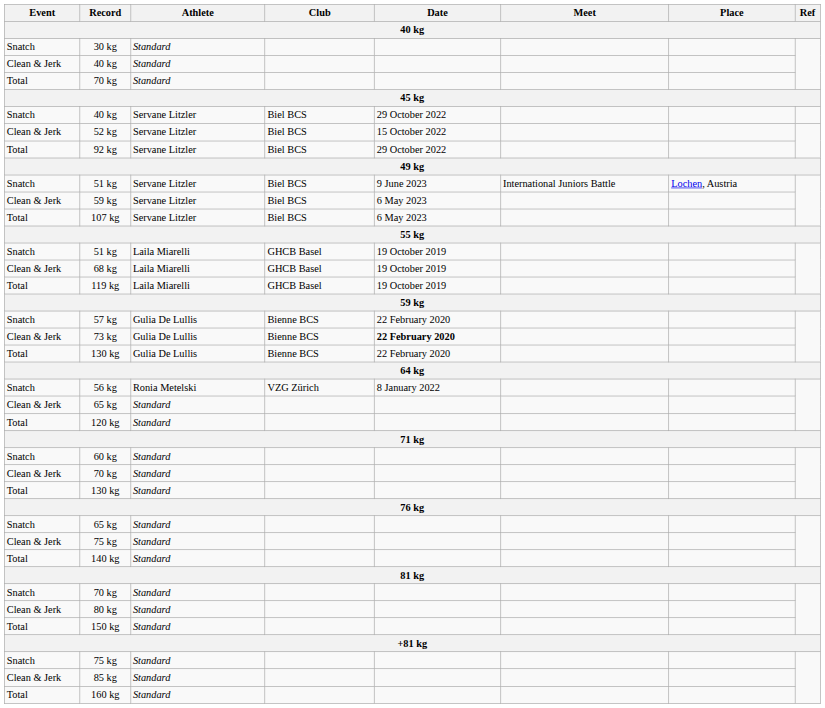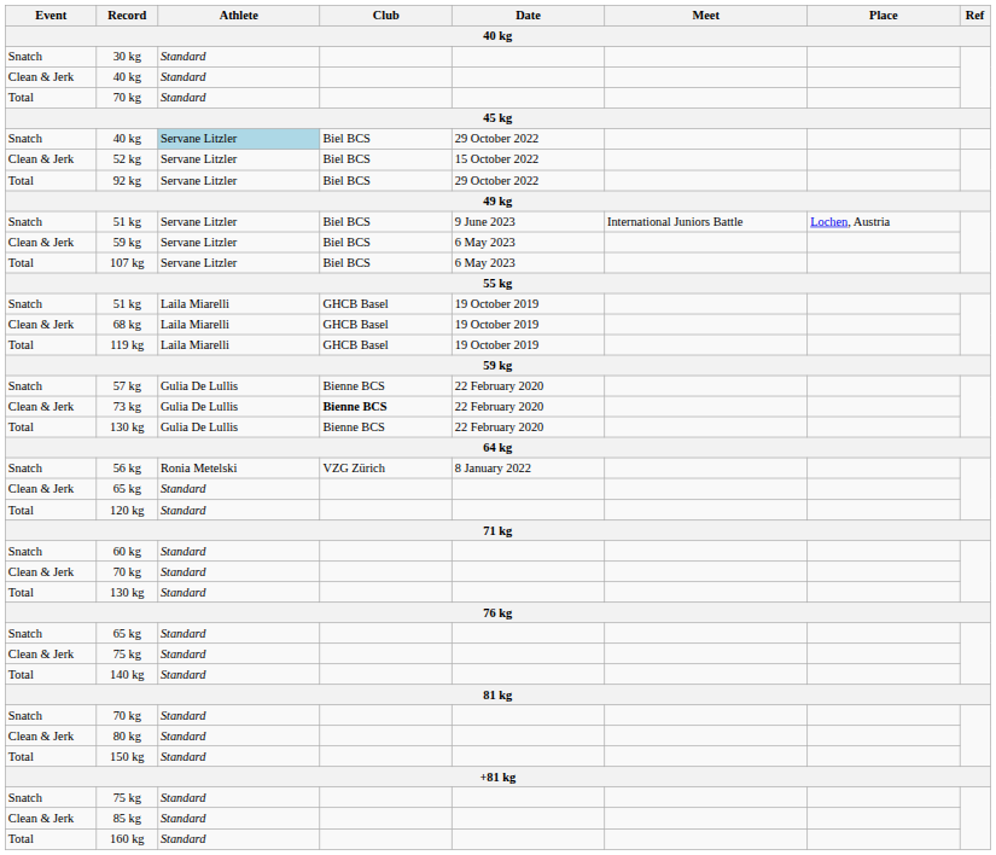 <table class="wikitable" style="font-size:95%; width: 95%;">
 <tr>
 <th width=9%>Event</th>
 <th width=6%>Record</th>
 <th width=16%>Athlete</th>
 <th width=13%>Club</th>
 <th width=15%>Date</th>
 <th width=20%>Meet</th>
 <th width=15%>Place</th>
 <th width=3%>Ref</th>
 </tr>
 <tr bgcolor="#DDDDDD">
 <th colspan="8">40 kg</th>
 </tr>
 <tr>
 <td>Snatch</td>
 <td align="center">30 kg</td>
 <td><em>Standard</em></td>
 <td></td>
 <td></td>
 <td></td>
 <td></td>
 </tr>
 <tr>
 <td>Clean & Jerk</td>
 <td align="center">40 kg</td>
 <td><em>Standard</em></td>
 <td></td>
 <td></td>
 <td></td>
 <td></td>
 </tr>
 <tr>
 <td>Total</td>
 <td align="center">70 kg</td>
 <td><em>Standard</em></td>
 <td></td>
 <td></td>
 <td></td>
 <td></td>
 </tr>
 <tr>
 <th colspan="8">45 kg</th>
 </tr>
 <tr>
 <td>Snatch</td>
 <td align="center">40 kg</td>
-<td>Servane Litzler</td>
+<td style="background: lightblue;">Servane Litzler</td>
 <td>Biel BCS</td>
 <td>29 October 2022</td>
 <td></td>
 <td></td>
 <td></td>
 </tr>
 <tr>
 <td>Clean & Jerk</td>
 <td align="center">52 kg</td>
 <td>Servane Litzler</td>
 <td>Biel BCS</td>
 <td>15 October 2022</td>
 <td></td>
 <td></td>
 </tr>
 <tr>
 <td>Total</td>
 <td align="center">92 kg</td>
 <td>Servane Litzler</td>
 <td>Biel BCS</td>
 <td>29 October 2022</td>
 <td></td>
 <td></td>
 </tr>
 <tr>
 <th colspan="8">49 kg</th>
 </tr>
 <tr>
 <td>Snatch</td>
 <td align="center">51 kg</td>
 <td>Servane Litzler</td>
 <td>Biel BCS</td>
 <td>9 June 2023</td>
 <td>International Juniors Battle</td>
 <td><a href='#'>Lochen</a>, Austria</td>
 </tr>
 <tr>
 <td>Clean & Jerk</td>
 <td align="center">59 kg</td>
 <td>Servane Litzler</td>
 <td>Biel BCS</td>
 <td>6 May 2023</td>
 <td></td>
 <td></td>
 </tr>
 <tr>
 <td>Total</td>
 <td align="center">107 kg</td>
 <td>Servane Litzler</td>
 <td>Biel BCS</td>
 <td>6 May 2023</td>
 <td></td>
 <td></td>
 </tr>
 <tr>
 <th colspan="8">55 kg</th>
 </tr>
 <tr>
 <td>Snatch</td>
 <td align="center">51 kg</td>
 <td>Laila Miarelli</td>
 <td>GHCB Basel</td>
 <td>19 October 2019</td>
 <td></td>
 <td></td>
 </tr>
 <tr>
 <td>Clean & Jerk</td>
 <td align="center">68 kg</td>
 <td>Laila Miarelli</td>
 <td>GHCB Basel</td>
 <td>19 October 2019</td>
 <td></td>
 <td></td>
 </tr>
 <tr>
 <td>Total</td>
 <td align="center">119 kg</td>
 <td>Laila Miarelli</td>
 <td>GHCB Basel</td>
 <td>19 October 2019</td>
 <td></td>
 <td></td>
 </tr>
 <tr>
 <th colspan="8">59 kg</th>
 </tr>
 <tr>
 <td>Snatch</td>
 <td align="center">57 kg</td>
 <td>Gulia De Lullis</td>
 <td>Bienne BCS</td>
 <td>22 February 2020</td>
 <td></td>
 <td></td>
 </tr>
 <tr>
 <td>Clean & Jerk</td>
 <td align="center">73 kg</td>
 <td>Gulia De Lullis</td>
-<td>Bienne BCS</td>
-<td><strong>22 February 2020</strong></td>
+<td><strong>Bienne BCS</strong></td>
+<td>22 February 2020</td>
 <td></td>
 <td></td>
 </tr>
 <tr>
 <td>Total</td>
 <td align="center">130 kg</td>
 <td>Gulia De Lullis</td>
 <td>Bienne BCS</td>
 <td>22 February 2020</td>
 <td></td>
 <td></td>
 </tr>
 <tr>
 <th colspan="8">64 kg</th>
 </tr>
 <tr>
 <td>Snatch</td>
 <td align="center">56 kg</td>
 <td>Ronia Metelski</td>
 <td>VZG Zürich</td>
 <td>8 January 2022</td>
 <td></td>
 <td></td>
 </tr>
 <tr>
 <td>Clean & Jerk</td>
 <td align="center">65 kg</td>
 <td><em>Standard</em></td>
 <td></td>
 <td></td>
 <td></td>
 <td></td>
 </tr>
 <tr>
 <td>Total</td>
 <td align="center">120 kg</td>
 <td><em>Standard</em></td>
 <td></td>
 <td></td>
 <td></td>
 <td></td>
 </tr>
 <tr>
 <th colspan="8">71 kg</th>
 </tr>
 <tr>
 <td>Snatch</td>
 <td align="center">60 kg</td>
 <td><em>Standard</em></td>
 <td></td>
 <td></td>
 <td></td>
 <td></td>
 </tr>
 <tr>
 <td>Clean & Jerk</td>
 <td align="center">70 kg</td>
 <td><em>Standard</em></td>
 <td></td>
 <td></td>
 <td></td>
 <td></td>
 </tr>
 <tr>
 <td>Total</td>
 <td align="center">130 kg</td>
 <td><em>Standard</em></td>
 <td></td>
 <td></td>
 <td></td>
 <td></td>
 </tr>
 <tr>
 <th colspan="8">76 kg</th>
 </tr>
 <tr>
 <td>Snatch</td>
 <td align="center">65 kg</td>
 <td><em>Standard</em></td>
 <td></td>
 <td></td>
 <td></td>
 <td></td>
 </tr>
 <tr>
 <td>Clean & Jerk</td>
 <td align="center">75 kg</td>
 <td><em>Standard</em></td>
 <td></td>
 <td></td>
 <td></td>
 <td></td>
 </tr>
 <tr>
 <td>Total</td>
 <td align="center">140 kg</td>
 <td><em>Standard</em></td>
 <td></td>
 <td></td>
 <td></td>
 <td></td>
 </tr>
 <tr>
 <th colspan="8">81 kg</th>
 </tr>
 <tr>
 <td>Snatch</td>
 <td align="center">70 kg</td>
 <td><em>Standard</em></td>
 <td></td>
 <td></td>
 <td></td>
 <td></td>
 </tr>
 <tr>
 <td>Clean & Jerk</td>
 <td align="center">80 kg</td>
 <td><em>Standard</em></td>
 <td></td>
 <td></td>
 <td></td>
 <td></td>
 </tr>
 <tr>
 <td>Total</td>
 <td align="center">150 kg</td>
 <td><em>Standard</em></td>
 <td></td>
 <td></td>
 <td></td>
 <td></td>
 </tr>
 <tr>
 <th colspan="8">+81 kg</th>
 </tr>
 <tr>
 <td>Snatch</td>
 <td align="center">75 kg</td>
 <td><em>Standard</em></td>
 <td></td>
 <td></td>
 <td></td>
 <td></td>
 </tr>
 <tr>
 <td>Clean & Jerk</td>
 <td align="center">85 kg</td>
 <td><em>Standard</em></td>
 <td></td>
 <td></td>
 <td></td>
 <td></td>
 </tr>
 <tr>
 <td>Total</td>
 <td align="center">160 kg</td>
 <td><em>Standard</em></td>
 <td></td>
 <td></td>
 <td></td>
 <td></td>
 </tr>
 </table>
